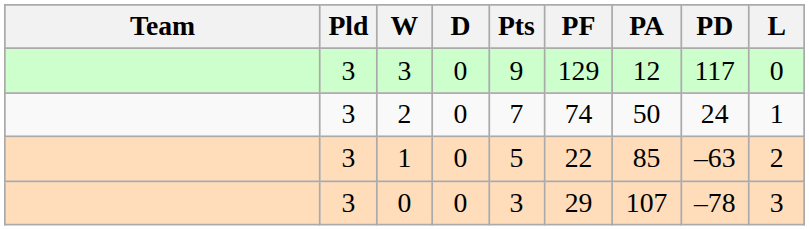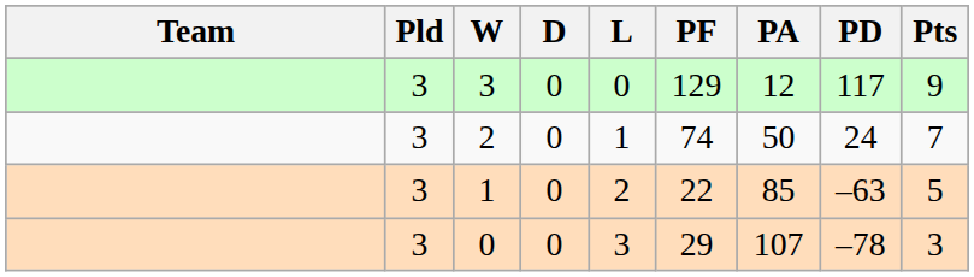 <table class="wikitable" style="text-align:center;">
 <tr>
 <th width=175>Team</th>
 <th width=25 abbr="Played">Pld</th>
 <th width=25 abbr="Won">W</th>
 <th width=25 abbr="Drawn">D</th>
-<th width=25 abbr="Points">Pts</th>
+<th width=25 abbr="Lost">L</th>
 <th width=32 abbr="Points for">PF</th>
 <th width=32 abbr="Points against">PA</th>
 <th width=32 abbr="Points difference">PD</th>
-<th width=25 abbr="Lost">L</th>
+<th width=25 abbr="Points">Pts</th>
 </tr>
 <tr bgcolor="#ccffcc">
 <td align=left></td>
 <td>3</td>
 <td>3</td>
 <td>0</td>
-<td>9</td>
+<td>0</td>
 <td>129</td>
 <td>12</td>
 <td>117</td>
-<td>0</td>
+<td>9</td>
 </tr>
 <tr>
 <td align=left></td>
 <td>3</td>
 <td>2</td>
 <td>0</td>
-<td>7</td>
+<td>1</td>
 <td>74</td>
 <td>50</td>
 <td>24</td>
-<td>1</td>
+<td>7</td>
 </tr>
 <tr bgcolor="#ffddbb">
 <td align=left></td>
 <td>3</td>
 <td>1</td>
 <td>0</td>
-<td>5</td>
+<td>2</td>
 <td>22</td>
 <td>85</td>
 <td>–63</td>
-<td>2</td>
+<td>5</td>
 </tr>
 <tr bgcolor="#ffddbb">
 <td align=left></td>
 <td>3</td>
 <td>0</td>
 <td>0</td>
 <td>3</td>
 <td>29</td>
 <td>107</td>
 <td>–78</td>
 <td>3</td>
 </tr>
 </table>
